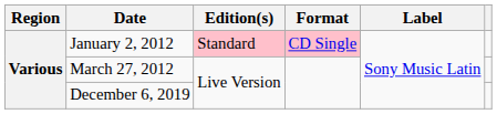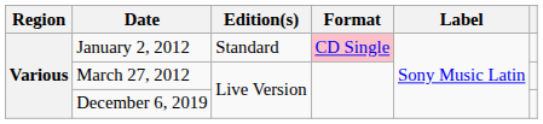 <table class="wikitable plainrowheaders">
 <tr>
 <th scope="col">Region</th>
 <th scope="col">Date</th>
 <th scope="col">Edition(s)</th>
 <th scope="col">Format</th>
 <th scope="col">Label</th>
 <th scope="col"></th>
 </tr>
 <tr>
 <th rowspan="3" scope="row">Various</th>
 <td>January 2, 2012</td>
-<td style="background: pink;">Standard</td>
+<td>Standard</td>
 <td style="background: pink;"><a href='#'>CD Single</a></td>
 <td rowspan="3"><a href='#'>Sony Music Latin</a></td>
 <td></td>
 </tr>
 <tr>
 <td>March 27, 2012</td>
 <td rowspan="2">Live Version</td>
 <td rowspan="2"></td>
 <td></td>
 </tr>
 <tr>
 <td>December 6, 2019</td>
 <td></td>
 </tr>
 </table>
